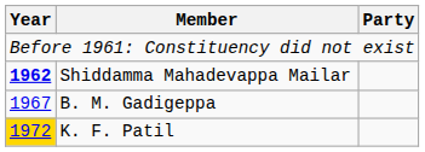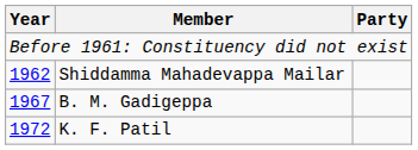 <table class="wikitable sortable">
 <tr>
 <th>Year</th>
 <th>Member</th>
 <th colspan="2">Party</th>
 </tr>
 <tr>
 <td colspan=4><em>Before 1961: Constituency did not exist</em></td>
 </tr>
 <tr>
-<td><strong><a href='#'>1962</a></strong></td>
+<td><a href='#'>1962</a></td>
 <td>Shiddamma Mahadevappa Mailar</td>
 <td></td>
 </tr>
 <tr>
 <td><a href='#'>1967</a></td>
 <td>B. M. Gadigeppa</td>
 <td></td>
 </tr>
 <tr>
-<td style="background: gold;"><a href='#'>1972</a></td>
+<td><a href='#'>1972</a></td>
 <td>K. F. Patil</td>
 <td></td>
 </tr>
 </table>
